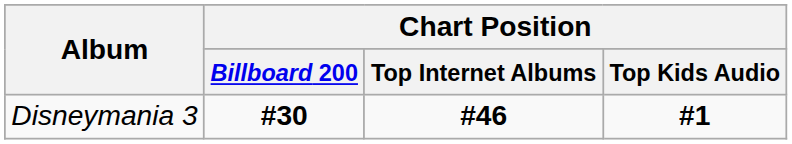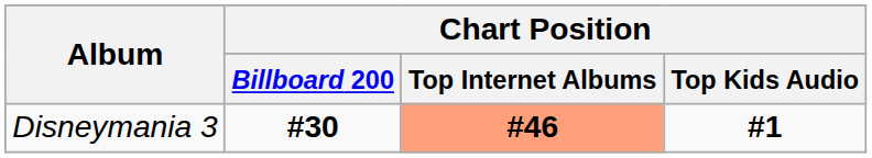 <table class="wikitable">
 <tr>
 <th rowspan="2">Album</th>
 <th rowspan="1" colspan="3">Chart Position</th>
 </tr>
 <tr>
 <th rowspan="1"><small><a href='#'><em>Billboard</em> 200</a></small></th>
 <th rowspan="1"><small>Top Internet Albums</small></th>
 <th rowspan="1"><small>Top Kids Audio</small></th>
 </tr>
 <tr>
 <td><em>Disneymania 3</em></td>
 <td align="center"><strong> #30</strong></td>
-<td align="center"><strong> #46</strong></td>
+<td align="center" style="background: lightsalmon;"><strong> #46</strong></td>
 <td align="center"><strong> #1</strong></td>
 </tr>
 </table>
